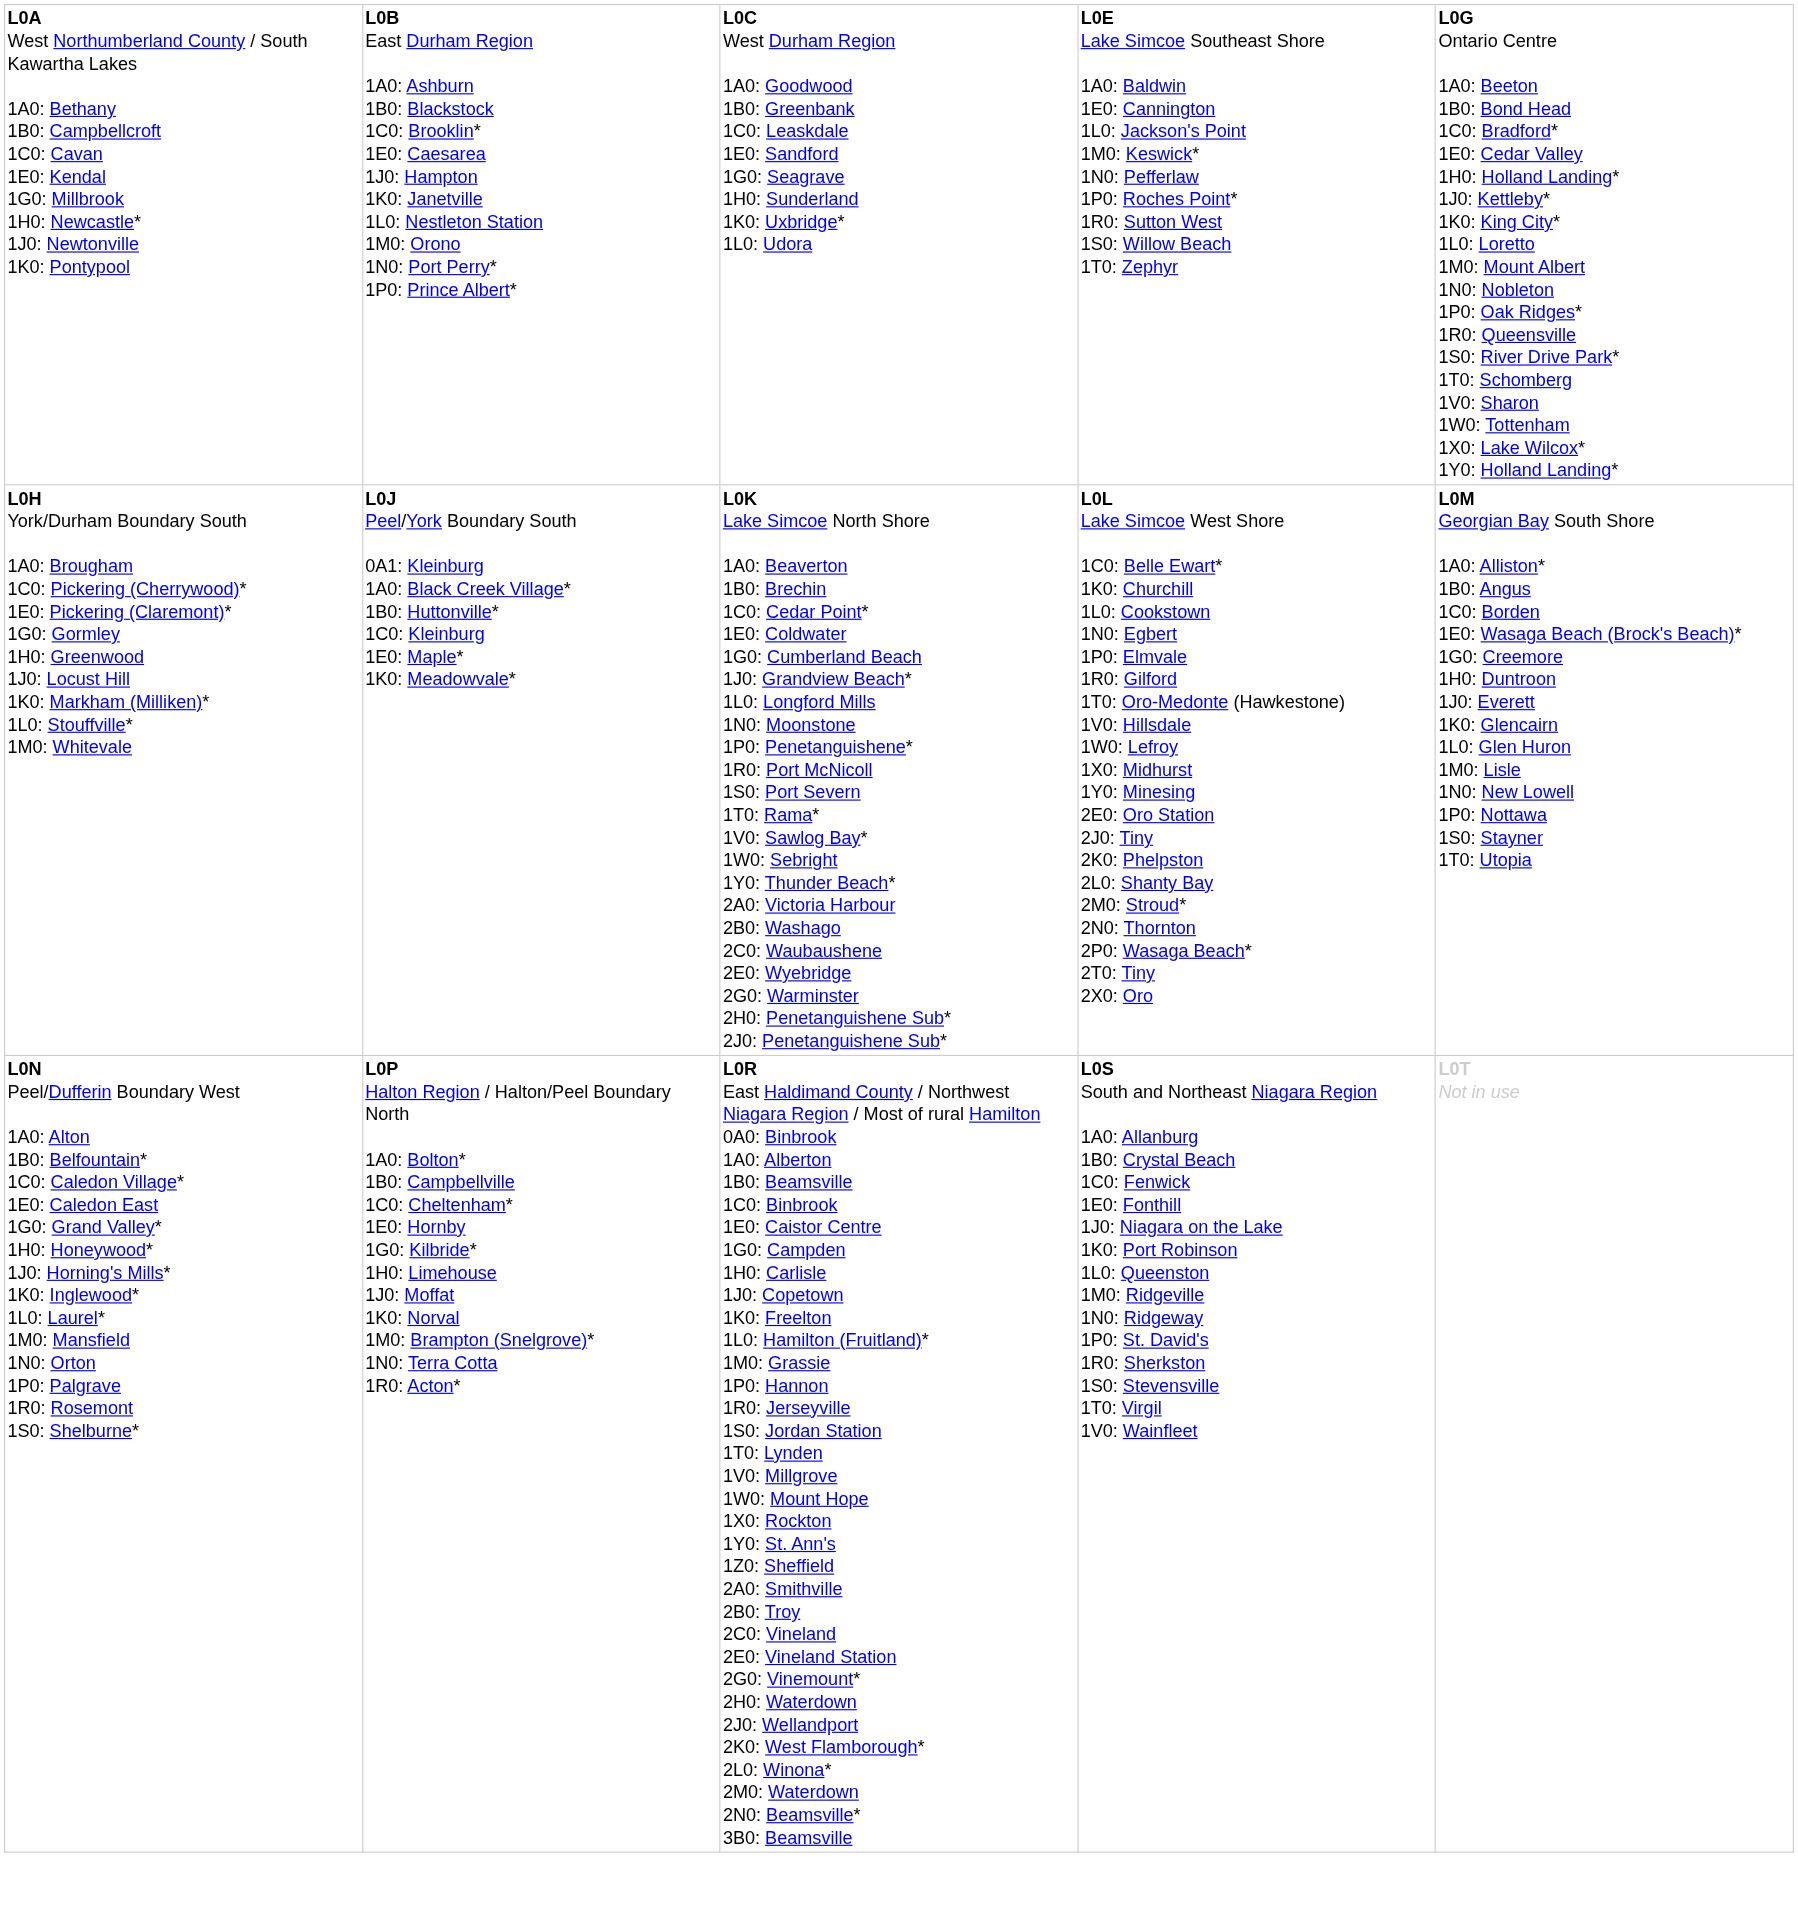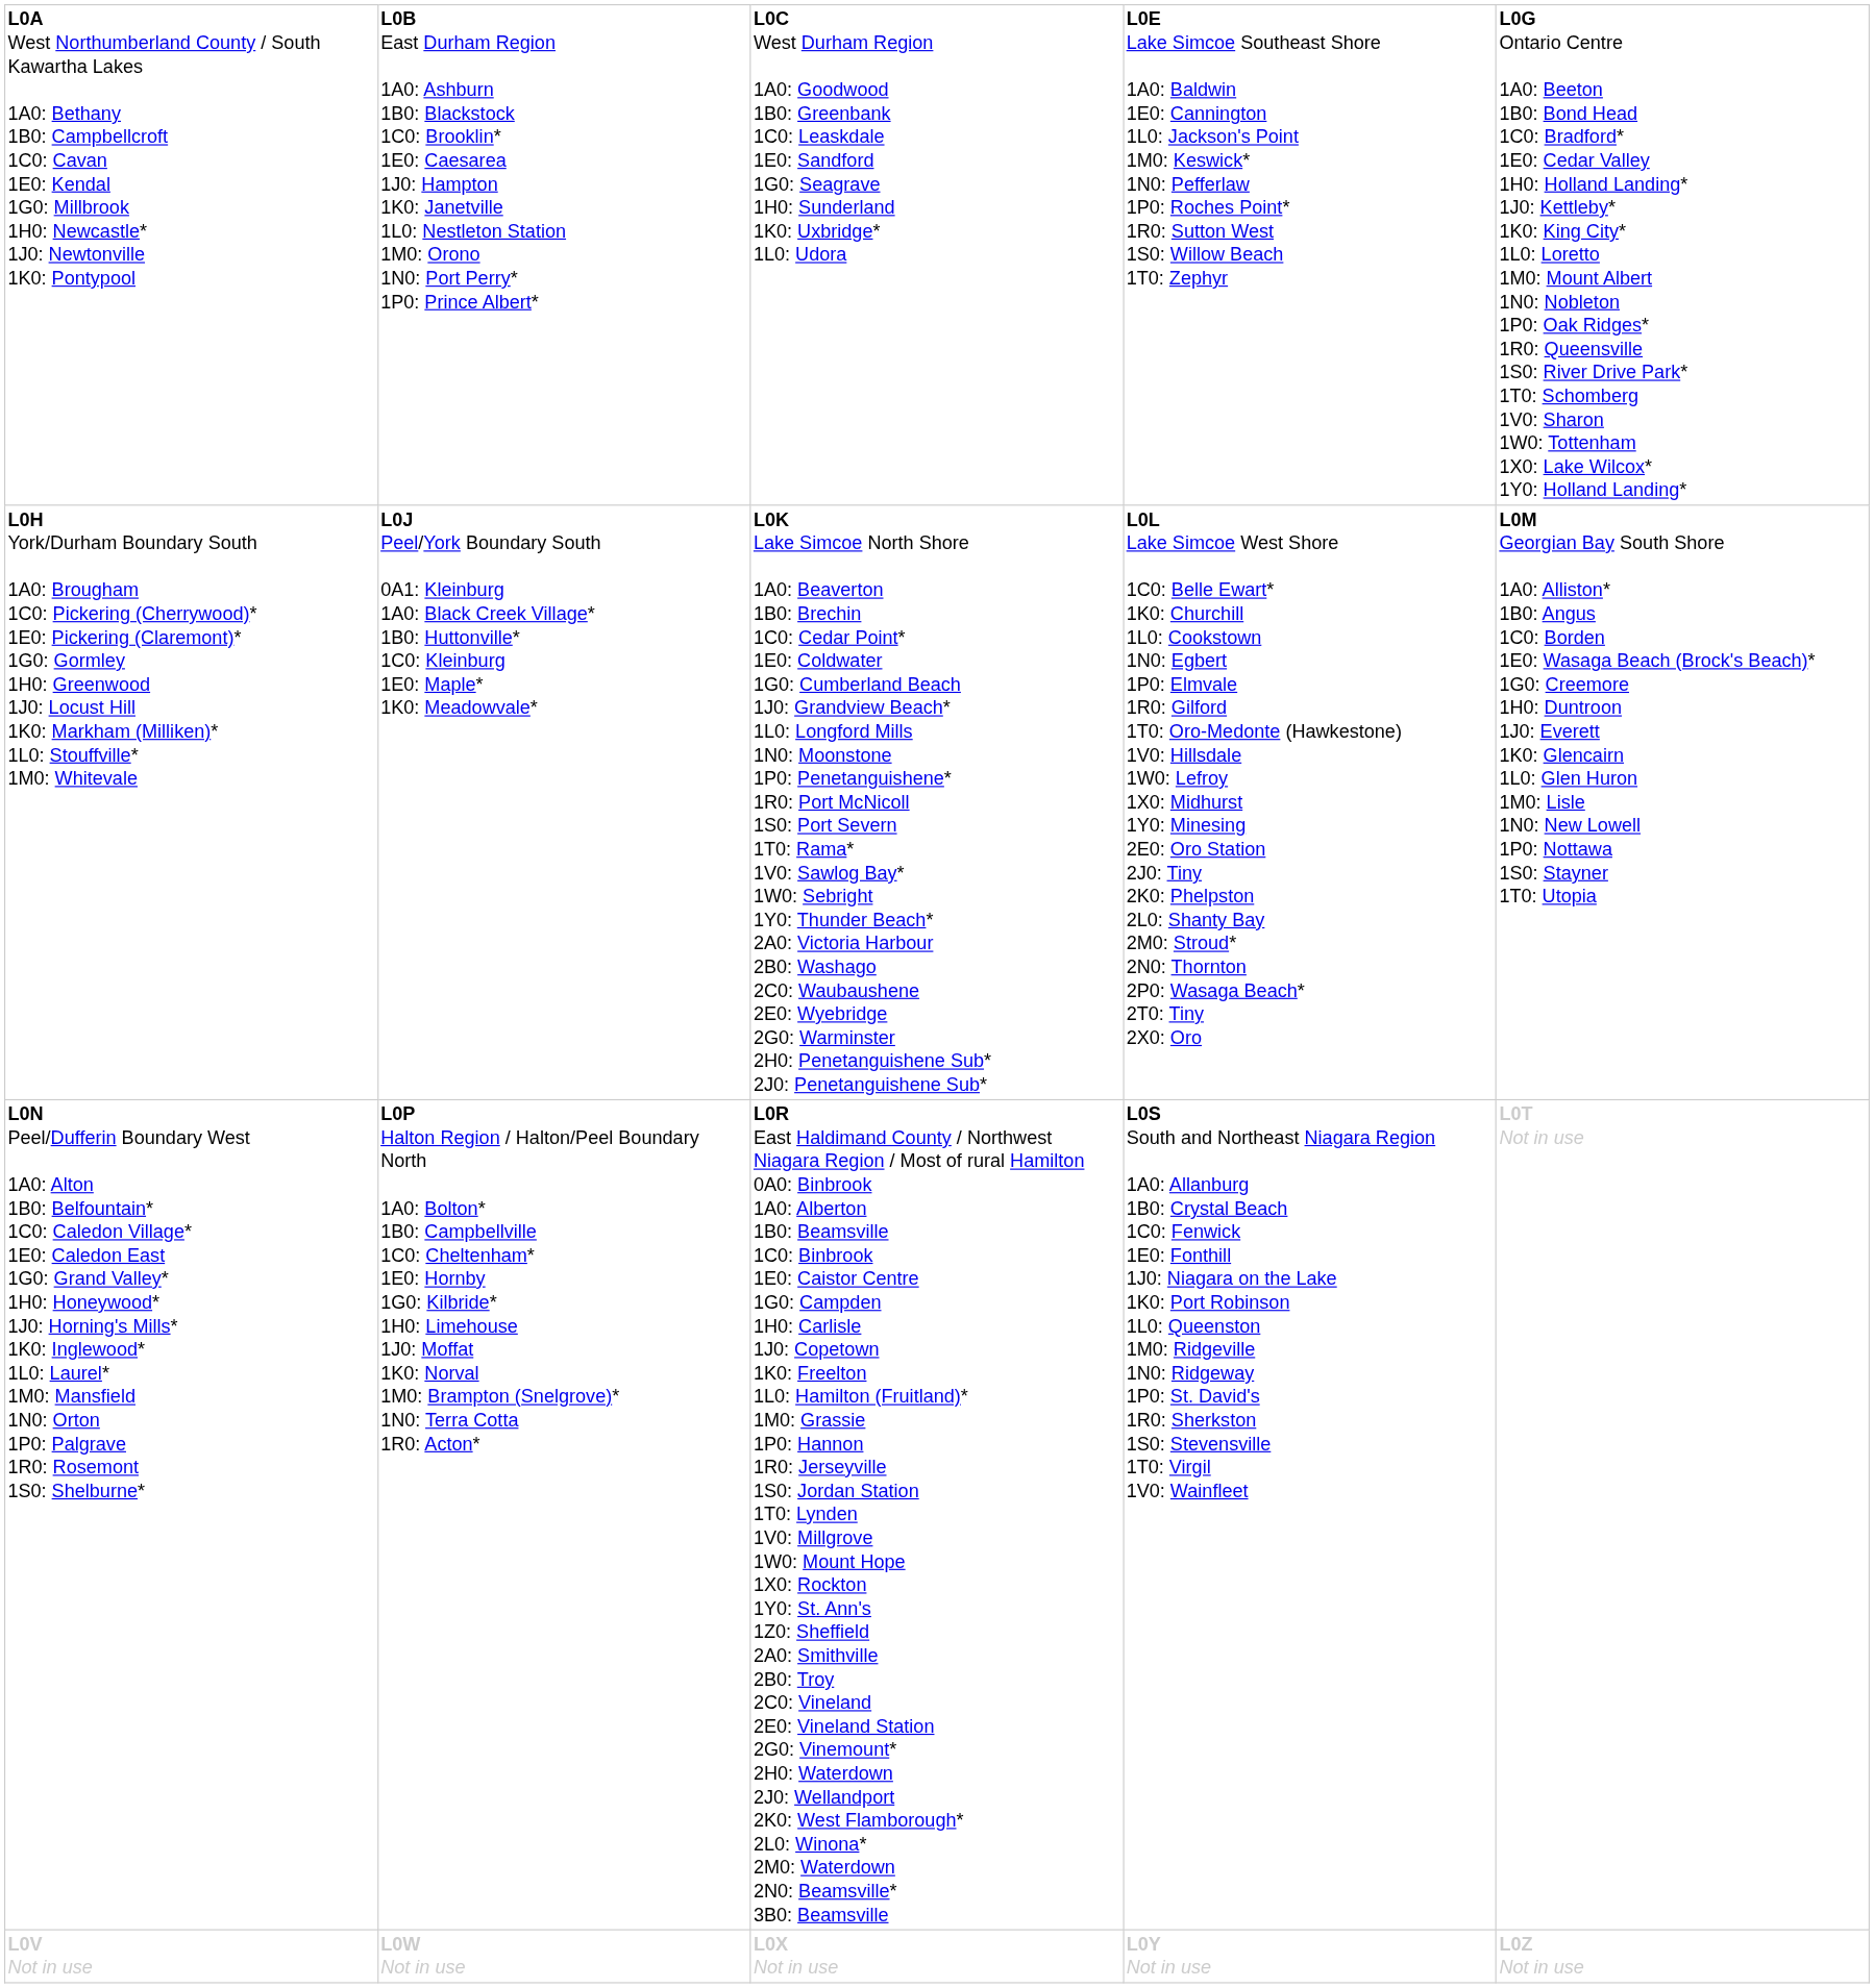 <table rules="all" width=100% cellspacing=0 cellpadding=2 style="border-collapse: collapse; border: 1px solid #ccc; line-height: 125%;">
 <tr>
 <td width=20% valign=top><strong>L0A</strong><br>West <a href='#'>Northumberland County</a> / South Kawartha Lakes<br><br><span> 1A0: <a href='#'>Bethany</a><br> 1B0: <a href='#'>Campbellcroft</a><br> 1C0: <a href='#'>Cavan</a><br> 1E0: <a href='#'>Kendal</a><br> 1G0: <a href='#'>Millbrook</a><br> 1H0: <a href='#'>Newcastle</a>*<br> 1J0: <a href='#'>Newtonville</a><br> 1K0: <a href='#'>Pontypool</a> </span></td>
 <td width=20% valign=top><strong>L0B</strong><br>East <a href='#'>Durham Region</a><br><br><span> 1A0: <a href='#'>Ashburn</a><br> 1B0: <a href='#'>Blackstock</a><br> 1C0: <a href='#'>Brooklin</a>*<br> 1E0: <a href='#'>Caesarea</a><br> 1J0: <a href='#'>Hampton</a><br> 1K0: <a href='#'>Janetville</a><br> 1L0: <a href='#'>Nestleton Station</a><br> 1M0: <a href='#'>Orono</a><br> 1N0: <a href='#'>Port Perry</a>*<br> 1P0: <a href='#'>Prince Albert</a>* </span></td>
 <td width=20% valign=top><strong>L0C</strong><br>West <a href='#'>Durham Region</a><br><br><span> 1A0: <a href='#'>Goodwood</a><br> 1B0: <a href='#'>Greenbank</a><br> 1C0: <a href='#'>Leaskdale</a><br> 1E0: <a href='#'>Sandford</a><br> 1G0: <a href='#'>Seagrave</a><br> 1H0: <a href='#'>Sunderland</a><br> 1K0: <a href='#'>Uxbridge</a>*<br> 1L0: <a href='#'>Udora</a> </span></td>
 <td width=20% valign=top><strong>L0E</strong><br><a href='#'>Lake Simcoe</a> Southeast Shore<br><br><span> 1A0: <a href='#'>Baldwin</a><br> 1E0: <a href='#'>Cannington</a><br> 1L0: <a href='#'>Jackson's Point</a><br> 1M0: <a href='#'>Keswick</a>*<br> 1N0: <a href='#'>Pefferlaw</a><br> 1P0: <a href='#'>Roches Point</a>*<br> 1R0: <a href='#'>Sutton West</a><br> 1S0: <a href='#'>Willow Beach</a><br> 1T0: <a href='#'>Zephyr</a> </span></td>
 <td width=20% valign=top><strong>L0G</strong><br>Ontario Centre<br><br><span> 1A0: <a href='#'>Beeton</a><br> 1B0: <a href='#'>Bond Head</a><br> 1C0: <a href='#'>Bradford</a>*<br> 1E0: <a href='#'>Cedar Valley</a><br> 1H0: <a href='#'>Holland Landing</a>*<br> 1J0: <a href='#'>Kettleby</a>*<br> 1K0: <a href='#'>King City</a>*<br> 1L0: <a href='#'>Loretto</a><br> 1M0: <a href='#'>Mount Albert</a><br> 1N0: <a href='#'>Nobleton</a><br> 1P0: <a href='#'>Oak Ridges</a>*<br> 1R0: <a href='#'>Queensville</a><br> 1S0: <a href='#'>River Drive Park</a>*<br> 1T0: <a href='#'>Schomberg</a><br> 1V0: <a href='#'>Sharon</a><br> 1W0: <a href='#'>Tottenham</a><br> 1X0: <a href='#'>Lake Wilcox</a>*<br> 1Y0: <a href='#'>Holland Landing</a>* </span></td>
 </tr>
 <tr>
 <td width=20% valign=top><strong>L0H</strong><br>York/Durham Boundary South<br><br><span> 1A0: <a href='#'>Brougham</a><br> 1C0: <a href='#'>Pickering (Cherrywood)</a>*<br> 1E0: <a href='#'>Pickering (Claremont)</a>*<br> 1G0: <a href='#'>Gormley</a><br> 1H0: <a href='#'>Greenwood</a><br> 1J0: <a href='#'>Locust Hill</a><br> 1K0: <a href='#'>Markham (Milliken)</a>*<br> 1L0: <a href='#'>Stouffville</a>*<br> 1M0: <a href='#'>Whitevale</a><br> </span></td>
 <td width=20% valign=top><strong>L0J</strong><br><a href='#'>Peel</a>/<a href='#'>York</a> Boundary South<br><br><span> 0A1: <a href='#'>Kleinburg</a><br> 1A0: <a href='#'>Black Creek Village</a>*<br> 1B0: <a href='#'>Huttonville</a>*<br> 1C0: <a href='#'>Kleinburg</a><br> 1E0: <a href='#'>Maple</a>*<br> 1K0: <a href='#'>Meadowvale</a>* </span></td>
 <td width=20% valign=top><strong>L0K</strong><br><a href='#'>Lake Simcoe</a> North Shore<br><br><span> 1A0: <a href='#'>Beaverton</a><br> 1B0: <a href='#'>Brechin</a><br> 1C0: <a href='#'>Cedar Point</a>*<br> 1E0: <a href='#'>Coldwater</a><br> 1G0: <a href='#'>Cumberland Beach</a><br> 1J0: <a href='#'>Grandview Beach</a>*<br> 1L0: <a href='#'>Longford Mills</a><br> 1N0: <a href='#'>Moonstone</a><br> 1P0: <a href='#'>Penetanguishene</a>*<br> 1R0: <a href='#'>Port McNicoll</a><br> 1S0: <a href='#'>Port Severn</a><br> 1T0: <a href='#'>Rama</a>*<br> 1V0: <a href='#'>Sawlog Bay</a>*<br> 1W0: <a href='#'>Sebright</a><br> 1Y0: <a href='#'>Thunder Beach</a>*<br> 2A0: <a href='#'>Victoria Harbour</a><br> 2B0: <a href='#'>Washago</a><br> 2C0: <a href='#'>Waubaushene</a><br> 2E0: <a href='#'>Wyebridge</a><br> 2G0: <a href='#'>Warminster</a><br> 2H0: <a href='#'>Penetanguishene Sub</a>*<br> 2J0: <a href='#'>Penetanguishene Sub</a>* </span></td>
 <td width=20% valign=top><strong>L0L</strong><br><a href='#'>Lake Simcoe</a> West Shore<br><br><span> 1C0: <a href='#'>Belle Ewart</a>*<br> 1K0: <a href='#'>Churchill</a><br> 1L0: <a href='#'>Cookstown</a><br> 1N0: <a href='#'>Egbert</a><br> 1P0: <a href='#'>Elmvale</a><br> 1R0: <a href='#'>Gilford</a><br> 1T0: <a href='#'>Oro-Medonte</a> (Hawkestone)<br> 1V0: <a href='#'>Hillsdale</a><br> 1W0: <a href='#'>Lefroy</a><br> 1X0: <a href='#'>Midhurst</a><br> 1Y0: <a href='#'>Minesing</a><br> 2E0: <a href='#'>Oro Station</a><br> 2J0: <a href='#'>Tiny</a><br> 2K0: <a href='#'>Phelpston</a><br> 2L0: <a href='#'>Shanty Bay</a><br> 2M0: <a href='#'>Stroud</a>*<br> 2N0: <a href='#'>Thornton</a><br> 2P0: <a href='#'>Wasaga Beach</a>*<br> 2T0: <a href='#'>Tiny</a><br> 2X0: <a href='#'>Oro</a> </span></td>
 <td width=20% valign=top><strong>L0M</strong><br><a href='#'>Georgian Bay</a> South Shore<br><br><span> 1A0: <a href='#'>Alliston</a>*<br> 1B0: <a href='#'>Angus</a><br> 1C0: <a href='#'>Borden</a><br> 1E0: <a href='#'>Wasaga Beach (Brock's Beach)</a>*<br> 1G0: <a href='#'>Creemore</a><br> 1H0: <a href='#'>Duntroon</a><br> 1J0: <a href='#'>Everett</a><br> 1K0: <a href='#'>Glencairn</a><br> 1L0: <a href='#'>Glen Huron</a><br> 1M0: <a href='#'>Lisle</a><br> 1N0: <a href='#'>New Lowell</a><br> 1P0: <a href='#'>Nottawa</a><br> 1S0: <a href='#'>Stayner</a><br> 1T0: <a href='#'>Utopia</a> </span></td>
 </tr>
 <tr>
 <td width=20% valign=top><strong>L0N</strong><br>Peel/<a href='#'>Dufferin</a> Boundary West<br><br><span> 1A0: <a href='#'>Alton</a><br> 1B0: <a href='#'>Belfountain</a>*<br> 1C0: <a href='#'>Caledon Village</a>*<br> 1E0: <a href='#'>Caledon East</a><br> 1G0: <a href='#'>Grand Valley</a>*<br> 1H0: <a href='#'>Honeywood</a>*<br> 1J0: <a href='#'>Horning's Mills</a>*<br> 1K0: <a href='#'>Inglewood</a>*<br> 1L0: <a href='#'>Laurel</a>*<br> 1M0: <a href='#'>Mansfield</a><br> 1N0: <a href='#'>Orton</a><br> 1P0: <a href='#'>Palgrave</a><br> 1R0: <a href='#'>Rosemont</a><br> 1S0: <a href='#'>Shelburne</a>* </span></td>
 <td width=20% valign=top><strong>L0P</strong><br><a href='#'>Halton Region</a> / Halton/Peel Boundary North<br><br><span> 1A0: <a href='#'>Bolton</a>*<br> 1B0: <a href='#'>Campbellville</a><br> 1C0: <a href='#'>Cheltenham</a>*<br> 1E0: <a href='#'>Hornby</a><br> 1G0: <a href='#'>Kilbride</a>*<br> 1H0: <a href='#'>Limehouse</a><br> 1J0: <a href='#'>Moffat</a><br> 1K0: <a href='#'>Norval</a><br> 1M0: <a href='#'>Brampton (Snelgrove)</a>*<br> 1N0: <a href='#'>Terra Cotta</a><br> 1R0: <a href='#'>Acton</a>* </span></td>
 <td width=20% valign=top><strong>L0R</strong><br>East <a href='#'>Haldimand County</a> / Northwest <a href='#'>Niagara Region</a> / Most of rural <a href='#'>Hamilton</a><br><span> 0A0: <a href='#'>Binbrook</a><br> 1A0: <a href='#'>Alberton</a><br> 1B0: <a href='#'>Beamsville</a><br> 1C0: <a href='#'>Binbrook</a><br> 1E0: <a href='#'>Caistor Centre</a><br> 1G0: <a href='#'>Campden</a><br> 1H0: <a href='#'>Carlisle</a><br> 1J0: <a href='#'>Copetown</a><br> 1K0: <a href='#'>Freelton</a><br> 1L0: <a href='#'>Hamilton (Fruitland)</a>*<br> 1M0: <a href='#'>Grassie</a><br> 1P0: <a href='#'>Hannon</a><br> 1R0: <a href='#'>Jerseyville</a><br> 1S0: <a href='#'>Jordan Station</a><br> 1T0: <a href='#'>Lynden</a><br> 1V0: <a href='#'>Millgrove</a><br> 1W0: <a href='#'>Mount Hope</a><br> 1X0: <a href='#'>Rockton</a><br> 1Y0: <a href='#'>St. Ann's</a><br> 1Z0: <a href='#'>Sheffield</a><br> 2A0: <a href='#'>Smithville</a><br> 2B0: <a href='#'>Troy</a><br> 2C0: <a href='#'>Vineland</a><br> 2E0: <a href='#'>Vineland Station</a><br> 2G0: <a href='#'>Vinemount</a>*<br> 2H0: <a href='#'>Waterdown</a><br> 2J0: <a href='#'>Wellandport</a><br> 2K0: <a href='#'>West Flamborough</a>*<br> 2L0: <a href='#'>Winona</a>*<br> 2M0: <a href='#'>Waterdown</a><br> 2N0: <a href='#'>Beamsville</a>*<br> 3B0: <a href='#'>Beamsville</a><br> </span></td>
 <td width=20% valign=top><strong>L0S</strong><br>South and Northeast <a href='#'>Niagara Region</a><br><br><span> 1A0: <a href='#'>Allanburg</a><br> 1B0: <a href='#'>Crystal Beach</a><br> 1C0: <a href='#'>Fenwick</a><br> 1E0: <a href='#'>Fonthill</a><br> 1J0: <a href='#'>Niagara on the Lake</a><br> 1K0: <a href='#'>Port Robinson</a><br> 1L0: <a href='#'>Queenston</a><br> 1M0: <a href='#'>Ridgeville</a><br> 1N0: <a href='#'>Ridgeway</a><br> 1P0: <a href='#'>St. David's</a><br> 1R0: <a href='#'>Sherkston</a><br> 1S0: <a href='#'>Stevensville</a><br> 1T0: <a href='#'>Virgil</a><br> 1V0: <a href='#'>Wainfleet</a><br> </span></td>
 <td width=20% valign=top style="color: #CCC;"><strong>L0T</strong><br><em>Not in use</em></td>
 </tr>
+<tr>
+<td width=20% valign=top style="color: #CCC;"><strong>L0V</strong><br><em>Not in use</em></td>
+<td width=20% valign=top style="color: #CCC;"><strong>L0W</strong><br><em>Not in use</em></td>
+<td width=20% valign=top style="color: #CCC;"><strong>L0X</strong><br><em>Not in use</em></td>
+<td width=20% valign=top style="color: #CCC;"><strong>L0Y</strong><br><em>Not in use</em></td>
+<td width=20% valign=top style="color: #CCC;"><strong>L0Z</strong><br><em>Not in use</em></td>
+</tr>
 </table>
